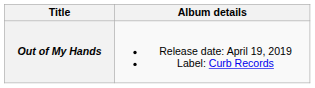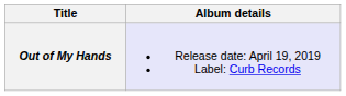 <table class="wikitable plainrowheaders" style="text-align:center;">
 <tr>
 <th style="width:10em;">Title</th>
 <th style="width:18em;">Album details</th>
 </tr>
 <tr>
 <th scope="row"><em>Out of My Hands</em></th>
-<td><br><ul><li>Release date: April 19, 2019</li><li>Label: <a href='#'>Curb Records</a></li></ul></td>
+<td style="background: lavender;"><br><ul><li>Release date: April 19, 2019</li><li>Label: <a href='#'>Curb Records</a></li></ul></td>
 </tr>
 </table>
